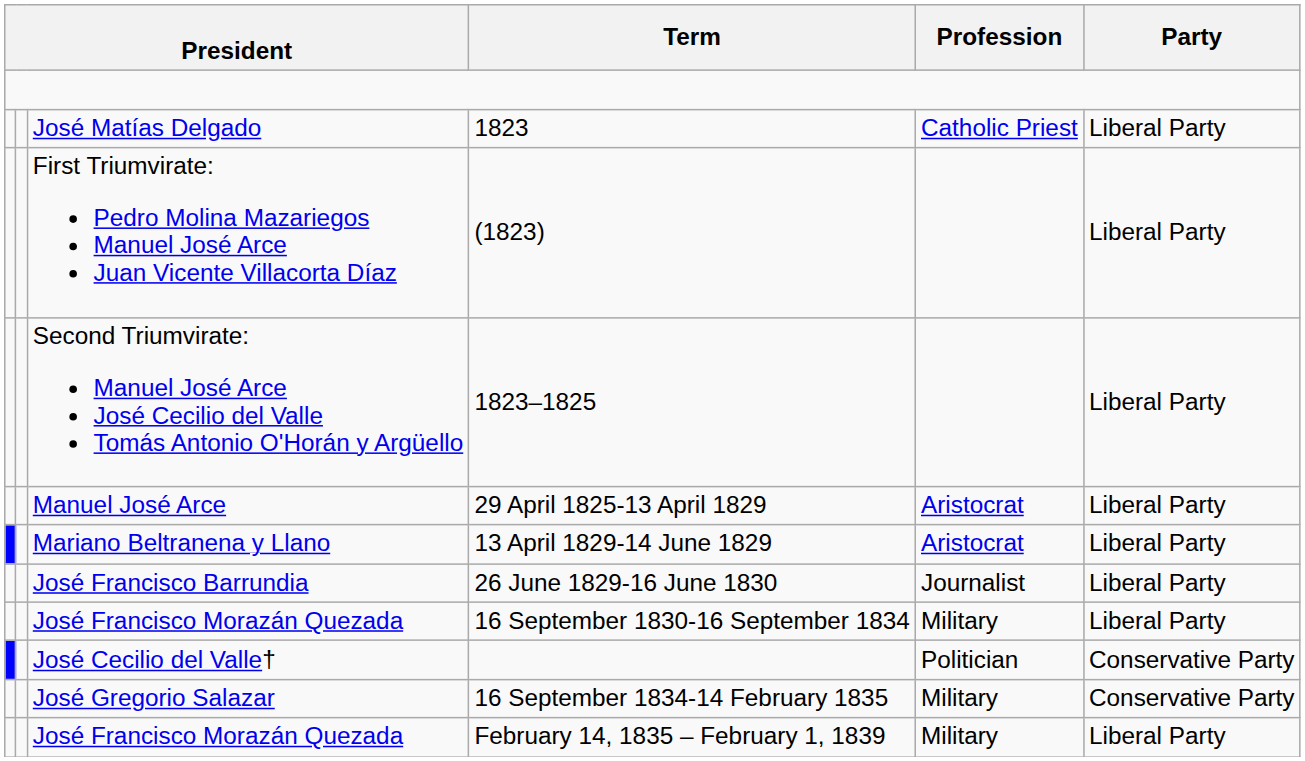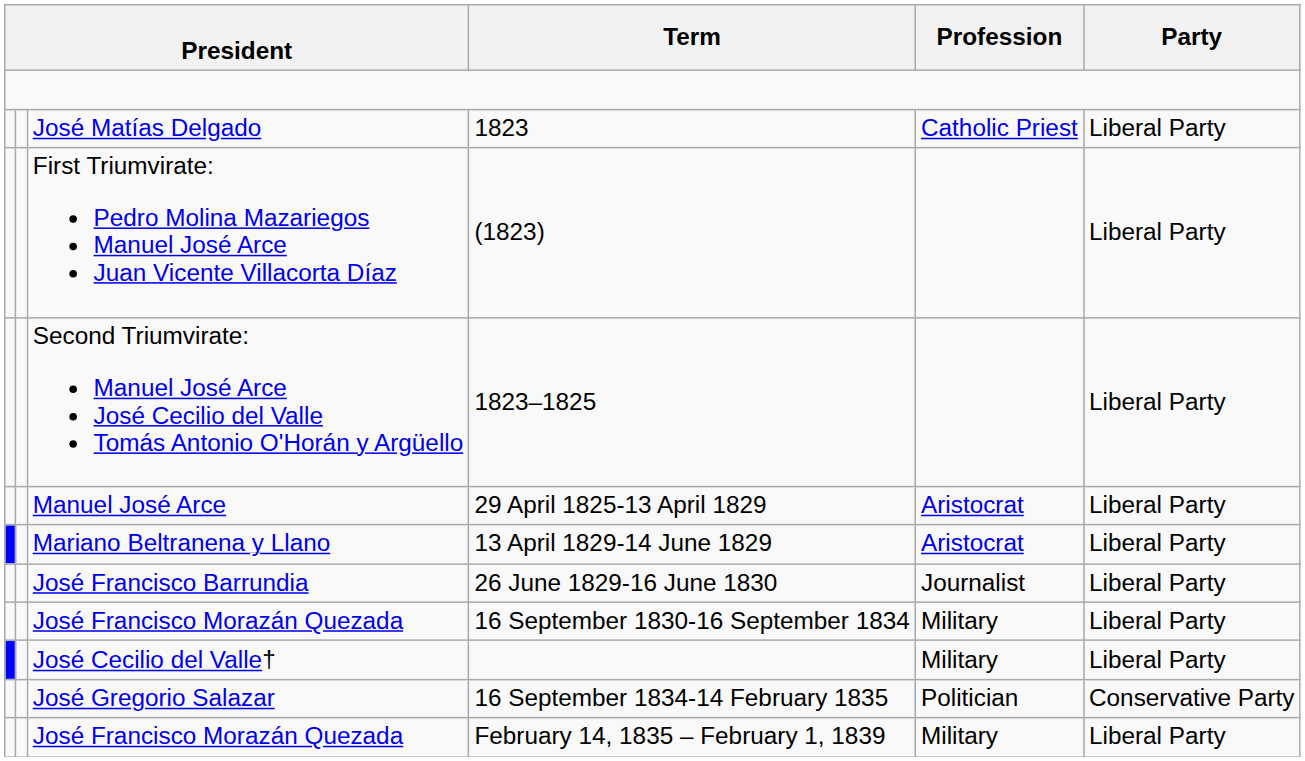 <table class="wikitable">
 <tr>
 <th Colspan=3><br>President</th>
 <th>Term<br></th>
 <th>Profession</th>
 <th>Party</th>
 </tr>
 <tr>
 <td colspan=7><br><div> </div></td>
 </tr>
 <tr>
 <td style="background:"></td>
 <td></td>
 <td><a href='#'>José Matías Delgado</a></td>
 <td>1823<br></td>
 <td><a href='#'>Catholic Priest</a></td>
 <td>Liberal Party</td>
 </tr>
 <tr>
 <td style="background:"></td>
 <td></td>
 <td>First Triumvirate:<br><ul><li><a href='#'>Pedro Molina Mazariegos</a></li><li><a href='#'>Manuel José Arce</a></li><li><a href='#'>Juan Vicente Villacorta Díaz</a></li></ul></td>
 <td>(1823)</td>
 <td></td>
 <td>Liberal Party</td>
 </tr>
 <tr>
 <td style="background:"></td>
 <td></td>
 <td>Second Triumvirate:<br><ul><li><a href='#'>Manuel José Arce</a></li><li><a href='#'>José Cecilio del Valle</a></li><li><a href='#'>Tomás Antonio O'Horán y Argüello</a></li></ul></td>
 <td>1823–1825</td>
 <td></td>
 <td>Liberal Party</td>
 </tr>
 <tr>
 <td style="background:"></td>
 <td></td>
 <td><a href='#'>Manuel José Arce</a></td>
 <td>29 April 1825-13 April 1829<br></td>
 <td><a href='#'>Aristocrat</a></td>
 <td>Liberal Party</td>
 </tr>
 <tr>
 <td style="background:Blue"></td>
 <td></td>
 <td><a href='#'>Mariano Beltranena y Llano</a></td>
 <td>13 April 1829-14 June 1829<br></td>
 <td><a href='#'>Aristocrat</a></td>
 <td>Liberal Party</td>
 </tr>
 <tr>
 <td style="background:"></td>
 <td></td>
 <td><a href='#'>José Francisco Barrundia</a></td>
 <td>26 June 1829-16 June 1830<br></td>
 <td>Journalist</td>
 <td>Liberal Party</td>
 </tr>
 <tr>
 <td style="background:"></td>
 <td></td>
 <td><a href='#'>José Francisco Morazán Quezada</a></td>
 <td>16 September 1830-16 September 1834<br></td>
 <td>Military</td>
 <td>Liberal Party</td>
 </tr>
 <tr>
 <td style="background:Blue"></td>
 <td></td>
 <td><a href='#'>José Cecilio del Valle</a>†</td>
 <td></td>
-<td>Politician</td>
-<td>Conservative Party</td>
+<td>Military</td>
+<td>Liberal Party</td>
 </tr>
 <tr>
 <td style="background:"></td>
 <td></td>
 <td><a href='#'>José Gregorio Salazar</a></td>
 <td>16 September 1834-14 February 1835<br></td>
-<td>Military</td>
+<td>Politician</td>
 <td>Conservative Party</td>
 </tr>
 <tr>
 <td style="background:"></td>
 <td></td>
 <td><a href='#'>José Francisco Morazán Quezada</a></td>
 <td>February 14, 1835 – February 1, 1839 <br></td>
 <td>Military</td>
 <td>Liberal Party</td>
 </tr>
 </table>
